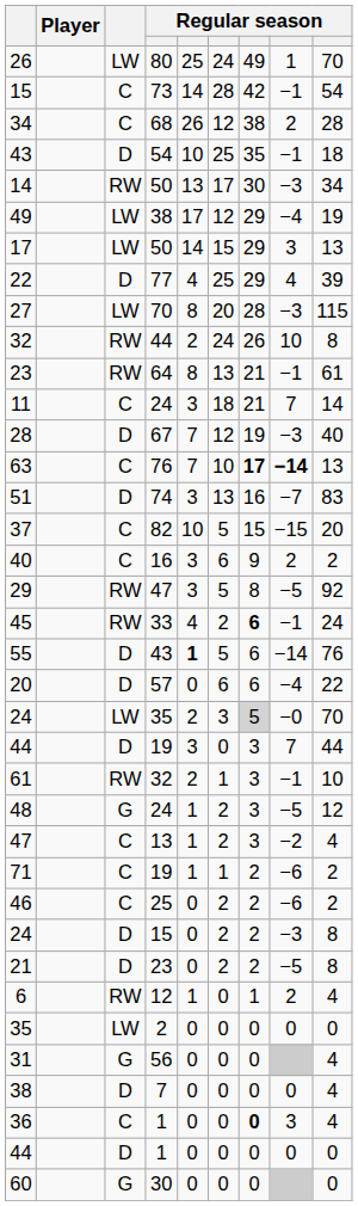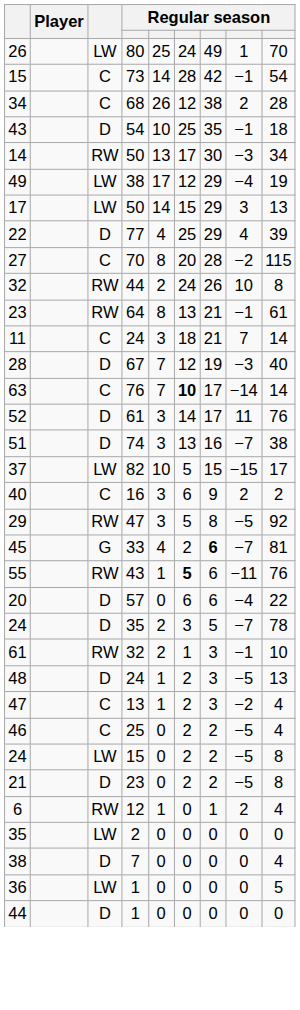 <table class="wikitable sortable plainrowheaders" style="text-align:center;">
 <tr>
 <th scope="col" data-sort-type="number" rowspan="2"></th>
 <th scope="col" rowspan="2">Player</th>
 <th scope="col" rowspan="2"></th>
 <th scope=colgroup colspan=6>Regular season</th>
 </tr>
 <tr>
 <th scope="col" data-sort-type="number"></th>
 <th scope="col" data-sort-type="number"></th>
 <th scope="col" data-sort-type="number"></th>
 <th scope="col" data-sort-type="number"></th>
 <th scope="col" data-sort-type="number"></th>
 <th scope="col" data-sort-type="number"></th>
 </tr>
 <tr>
 <td scope="row">26</td>
 <td align="left"></td>
 <td>LW</td>
 <td>80</td>
 <td>25</td>
 <td>24</td>
 <td>49</td>
 <td>1</td>
 <td>70</td>
 </tr>
 <tr>
 <td scope="row">15</td>
 <td align="left"></td>
 <td>C</td>
 <td>73</td>
 <td>14</td>
 <td>28</td>
 <td>42</td>
 <td>−1</td>
 <td>54</td>
 </tr>
 <tr>
 <td scope="row">34</td>
 <td align="left"></td>
 <td>C</td>
 <td>68</td>
 <td>26</td>
 <td>12</td>
 <td>38</td>
 <td>2</td>
 <td>28</td>
 </tr>
 <tr>
 <td scope="row">43</td>
 <td align="left"></td>
 <td>D</td>
 <td>54</td>
 <td>10</td>
 <td>25</td>
 <td>35</td>
 <td>−1</td>
 <td>18</td>
 </tr>
 <tr>
 <td scope="row">14</td>
 <td align="left"></td>
 <td>RW</td>
 <td>50</td>
 <td>13</td>
 <td>17</td>
 <td>30</td>
 <td>−3</td>
 <td>34</td>
 </tr>
 <tr>
 <td scope="row">49</td>
 <td align="left"></td>
 <td>LW</td>
 <td>38</td>
 <td>17</td>
 <td>12</td>
 <td>29</td>
 <td>−4</td>
 <td>19</td>
 </tr>
 <tr>
 <td scope="row">17</td>
 <td align="left"></td>
 <td>LW</td>
 <td>50</td>
 <td>14</td>
 <td>15</td>
 <td>29</td>
 <td>3</td>
 <td>13</td>
 </tr>
 <tr>
 <td scope="row">22</td>
 <td align="left"></td>
 <td>D</td>
 <td>77</td>
 <td>4</td>
 <td>25</td>
 <td>29</td>
 <td>4</td>
 <td>39</td>
 </tr>
 <tr>
 <td scope="row">27</td>
 <td align="left"></td>
-<td>LW</td>
+<td>C</td>
 <td>70</td>
 <td>8</td>
 <td>20</td>
 <td>28</td>
-<td>−3</td>
+<td>−2</td>
 <td>115</td>
 </tr>
 <tr>
 <td scope="row">32</td>
 <td align="left"></td>
 <td>RW</td>
 <td>44</td>
 <td>2</td>
 <td>24</td>
 <td>26</td>
 <td>10</td>
 <td>8</td>
 </tr>
 <tr>
 <td scope="row">23</td>
 <td align="left"></td>
 <td>RW</td>
 <td>64</td>
 <td>8</td>
 <td>13</td>
 <td>21</td>
 <td>−1</td>
 <td>61</td>
 </tr>
 <tr>
 <td scope="row">11</td>
 <td align="left"></td>
 <td>C</td>
 <td>24</td>
 <td>3</td>
 <td>18</td>
 <td>21</td>
 <td>7</td>
 <td>14</td>
 </tr>
 <tr>
 <td scope="row">28</td>
 <td align="left"></td>
 <td>D</td>
 <td>67</td>
 <td>7</td>
 <td>12</td>
 <td>19</td>
 <td>−3</td>
 <td>40</td>
 </tr>
 <tr>
 <td scope="row">63</td>
 <td align="left"></td>
 <td>C</td>
 <td>76</td>
 <td>7</td>
-<td>10</td>
-<td><strong>17</strong></td>
-<td><strong>−14</strong></td>
-<td>13</td>
+<td><strong>10</strong></td>
+<td>17</td>
+<td>−14</td>
+<td>14</td>
+</tr>
+<tr>
+<td scope="row">52</td>
+<td align="left"></td>
+<td>D</td>
+<td>61</td>
+<td>3</td>
+<td>14</td>
+<td>17</td>
+<td>11</td>
+<td>76</td>
 </tr>
 <tr>
 <td scope="row">51</td>
 <td align="left"></td>
 <td>D</td>
 <td>74</td>
 <td>3</td>
 <td>13</td>
 <td>16</td>
 <td>−7</td>
-<td>83</td>
+<td>38</td>
 </tr>
 <tr>
 <td scope="row">37</td>
 <td align="left"></td>
-<td>C</td>
+<td>LW</td>
 <td>82</td>
 <td>10</td>
 <td>5</td>
 <td>15</td>
 <td>−15</td>
-<td>20</td>
+<td>17</td>
 </tr>
 <tr>
 <td scope="row">40</td>
 <td align="left"></td>
 <td>C</td>
 <td>16</td>
 <td>3</td>
 <td>6</td>
 <td>9</td>
 <td>2</td>
 <td>2</td>
 </tr>
 <tr>
 <td scope="row">29</td>
 <td align="left"></td>
 <td>RW</td>
 <td>47</td>
 <td>3</td>
 <td>5</td>
 <td>8</td>
 <td>−5</td>
 <td>92</td>
 </tr>
 <tr>
 <td scope="row">45</td>
 <td align="left"></td>
-<td>RW</td>
+<td>G</td>
 <td>33</td>
 <td>4</td>
 <td>2</td>
 <td><strong>6</strong></td>
-<td>−1</td>
-<td>24</td>
+<td>−7</td>
+<td>81</td>
 </tr>
 <tr>
 <td scope="row">55</td>
 <td align="left"></td>
-<td>D</td>
+<td>RW</td>
 <td>43</td>
-<td><strong>1</strong></td>
-<td>5</td>
+<td>1</td>
+<td><strong>5</strong></td>
 <td>6</td>
-<td>−14</td>
+<td>−11</td>
 <td>76</td>
 </tr>
 <tr>
 <td scope="row">20</td>
 <td align="left"></td>
 <td>D</td>
 <td>57</td>
 <td>0</td>
 <td>6</td>
 <td>6</td>
 <td>−4</td>
 <td>22</td>
 </tr>
 <tr>
 <td scope="row">24</td>
 <td align="left"></td>
-<td>LW</td>
+<td>D</td>
 <td>35</td>
 <td>2</td>
 <td>3</td>
-<td style="background: lightgrey;">5</td>
-<td>−0</td>
-<td>70</td>
-</tr>
-<tr>
-<td scope="row">44</td>
-<td align="left"></td>
-<td>D</td>
-<td>19</td>
-<td>3</td>
-<td>0</td>
-<td>3</td>
-<td>7</td>
-<td>44</td>
+<td>5</td>
+<td>−7</td>
+<td>78</td>
 </tr>
 <tr>
 <td scope="row">61</td>
 <td align="left"></td>
 <td>RW</td>
 <td>32</td>
 <td>2</td>
 <td>1</td>
 <td>3</td>
 <td>−1</td>
 <td>10</td>
 </tr>
 <tr>
 <td scope="row">48</td>
 <td align="left"></td>
-<td>G</td>
+<td>D</td>
 <td>24</td>
 <td>1</td>
 <td>2</td>
 <td>3</td>
 <td>−5</td>
-<td>12</td>
+<td>13</td>
 </tr>
 <tr>
 <td scope="row">47</td>
 <td align="left"></td>
 <td>C</td>
 <td>13</td>
 <td>1</td>
 <td>2</td>
 <td>3</td>
 <td>−2</td>
 <td>4</td>
 </tr>
 <tr>
-<td scope="row">71</td>
-<td align="left"></td>
-<td>C</td>
-<td>19</td>
-<td>1</td>
-<td>1</td>
-<td>2</td>
-<td>−6</td>
-<td>2</td>
-</tr>
-<tr>
 <td scope="row">46</td>
 <td align="left"></td>
 <td>C</td>
 <td>25</td>
 <td>0</td>
 <td>2</td>
 <td>2</td>
-<td>−6</td>
-<td>2</td>
+<td>−5</td>
+<td>4</td>
 </tr>
 <tr>
 <td scope="row">24</td>
 <td align="left"></td>
-<td>D</td>
+<td>LW</td>
 <td>15</td>
 <td>0</td>
 <td>2</td>
 <td>2</td>
-<td>−3</td>
+<td>−5</td>
 <td>8</td>
 </tr>
 <tr>
 <td scope="row">21</td>
 <td align="left"></td>
 <td>D</td>
 <td>23</td>
 <td>0</td>
 <td>2</td>
 <td>2</td>
 <td>−5</td>
 <td>8</td>
 </tr>
 <tr>
 <td scope="row">6</td>
 <td align="left"></td>
 <td>RW</td>
 <td>12</td>
 <td>1</td>
 <td>0</td>
 <td>1</td>
 <td>2</td>
 <td>4</td>
 </tr>
 <tr>
 <td scope="row">35</td>
 <td align="left"></td>
 <td>LW</td>
 <td>2</td>
 <td>0</td>
 <td>0</td>
 <td>0</td>
 <td>0</td>
 <td>0</td>
 </tr>
 <tr>
-<td scope="row">31</td>
-<td align="left"></td>
-<td>G</td>
-<td>56</td>
-<td>0</td>
-<td>0</td>
-<td>0</td>
-<td style="background:#ccc"></td>
-<td>4</td>
-</tr>
-<tr>
 <td scope="row">38</td>
 <td align="left"></td>
 <td>D</td>
 <td>7</td>
 <td>0</td>
 <td>0</td>
 <td>0</td>
 <td>0</td>
 <td>4</td>
 </tr>
 <tr>
 <td scope="row">36</td>
 <td align="left"></td>
-<td>C</td>
+<td>LW</td>
 <td>1</td>
 <td>0</td>
 <td>0</td>
-<td><strong>0</strong></td>
-<td>3</td>
-<td>4</td>
+<td>0</td>
+<td>0</td>
+<td>5</td>
 </tr>
 <tr>
 <td scope="row">44</td>
 <td align="left"></td>
 <td>D</td>
 <td>1</td>
 <td>0</td>
 <td>0</td>
 <td>0</td>
 <td>0</td>
 <td>0</td>
 </tr>
-<tr>
-<td scope="row">60</td>
-<td align="left"></td>
-<td>G</td>
-<td>30</td>
-<td>0</td>
-<td>0</td>
-<td>0</td>
-<td style="background:#ccc"></td>
-<td>0</td>
-</tr>
 </table>
